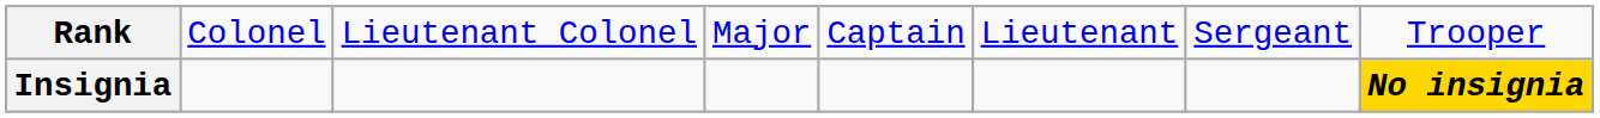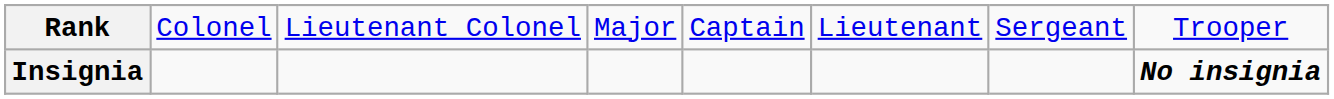 <table class="wikitable">
 <tr style="text-align:center;">
 <th>Rank</th>
 <td><a href='#'>Colonel</a></td>
 <td><a href='#'>Lieutenant Colonel</a></td>
 <td><a href='#'>Major</a></td>
 <td><a href='#'>Captain</a></td>
 <td><a href='#'>Lieutenant</a></td>
 <td><a href='#'>Sergeant</a></td>
 <td><a href='#'>Trooper</a></td>
 </tr>
 <tr style="text-align:center;">
 <th>Insignia</th>
 <td></td>
 <td></td>
 <td></td>
 <td></td>
 <td></td>
 <td></td>
-<td style="background: gold;"><strong><em>No insignia</em></strong></td>
+<td><strong><em>No insignia</em></strong></td>
 </tr>
 </table>
